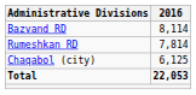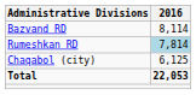 <table class="wikitable">
 <tr>
 <th>Administrative Divisions</th>
 <th>2016</th>
 </tr>
 <tr>
 <td><a href='#'>Bazvand RD</a></td>
 <td style="text-align: right;">8,114</td>
 </tr>
 <tr>
 <td><a href='#'>Rumeshkan RD</a></td>
-<td style="text-align: right;">7,814</td>
+<td style="background: lightblue; text-align: right;">7,814</td>
 </tr>
 <tr>
 <td><a href='#'>Chaqabol</a> (city)</td>
 <td style="text-align: right;">6,125</td>
 </tr>
 <tr>
 <td><strong>Total</strong></td>
 <td style="text-align: right;"><strong>22,053</strong></td>
 </tr>
 <tr>
 <td colspan=2></td>
 </tr>
 </table>
